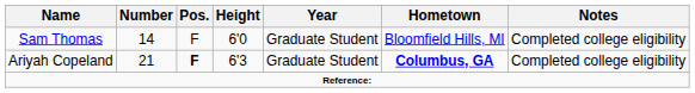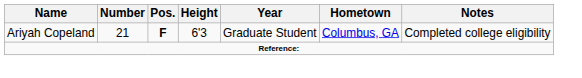 <table class="wikitable sortable sortable" style="text-align: center">
 <tr align=center>
 <th>Name</th>
 <th>Number</th>
 <th>Pos.</th>
 <th>Height</th>
 <th>Year</th>
 <th>Hometown</th>
 <th>Notes</th>
 </tr>
 <tr>
-<td><a href='#'>Sam Thomas</a></td>
-<td>14</td>
-<td>F</td>
-<td>6'0</td>
-<td>Graduate Student</td>
-<td><a href='#'>Bloomfield Hills, MI</a></td>
-<td>Completed college eligibility</td>
-</tr>
-<tr>
 <td>Ariyah Copeland</td>
 <td>21</td>
 <td><strong>F</strong></td>
 <td>6'3</td>
 <td>Graduate Student</td>
-<td><strong><a href='#'>Columbus, GA</a></strong></td>
+<td><a href='#'>Columbus, GA</a></td>
 <td>Completed college eligibility</td>
 </tr>
 <tr>
 <td colspan ="7" style="font-size:8pt; text-align:center;"><strong>Reference:</strong></td>
 </tr>
 </table>
